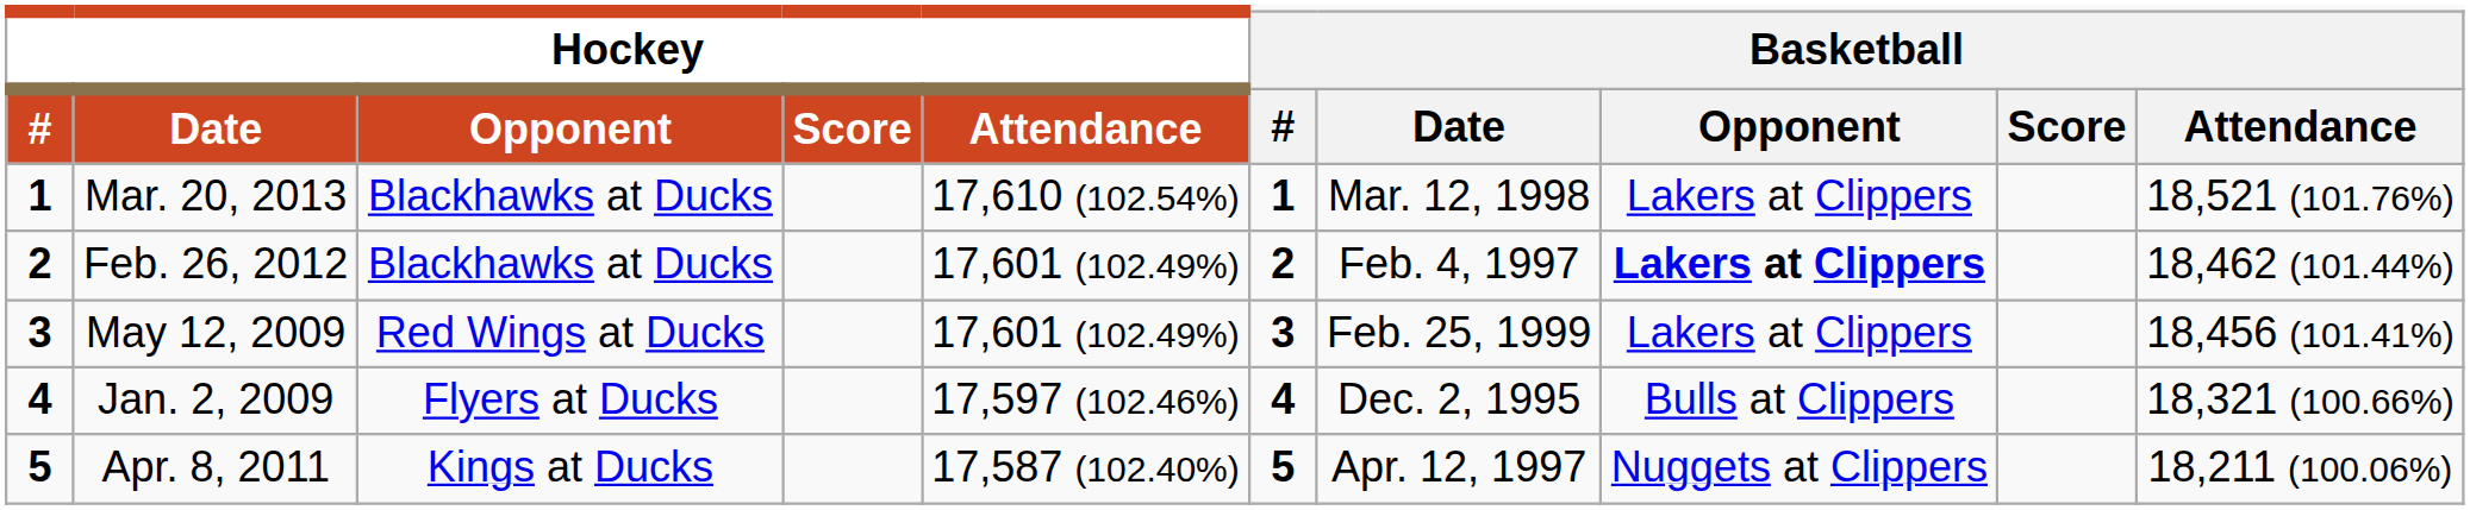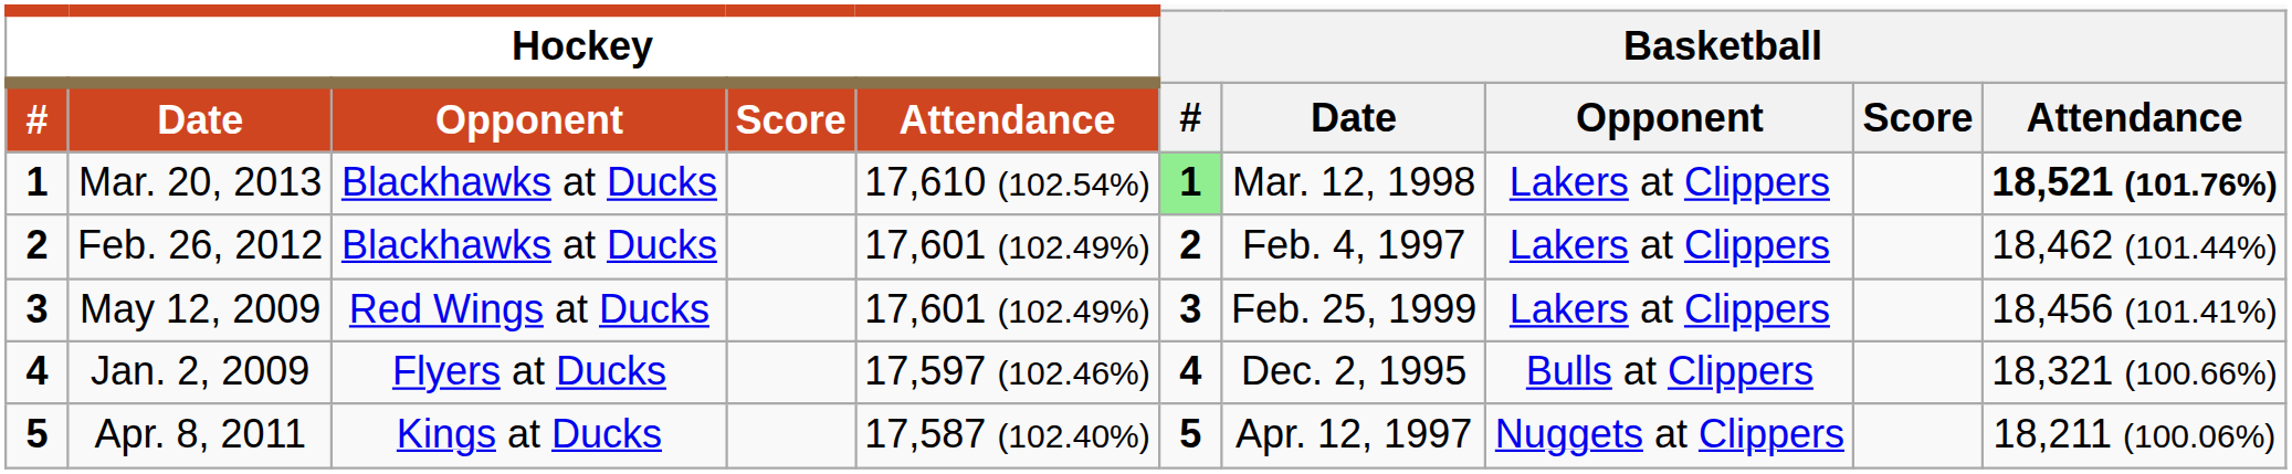 <table class="wikitable" style="text-align:center">
 <tr>
 <th colspan=5 style="background:#FFFFFF; border-top:#CF4520 5px solid; border-bottom:#89734C 5px solid;">Hockey</th>
 <th colspan=5>Basketball</th>
 </tr>
 <tr>
 <th style="background:#CF4520; color:#FFFFFF;">#</th>
 <th style="background:#CF4520; color:#FFFFFF;">Date</th>
 <th style="background:#CF4520; color:#FFFFFF;">Opponent</th>
 <th style="background:#CF4520; color:#FFFFFF;">Score</th>
 <th style="background:#CF4520; color:#FFFFFF;">Attendance</th>
 <th style="text-align:center; ">#</th>
 <th style="text-align:center; ">Date</th>
 <th style="text-align:center; ">Opponent</th>
 <th style="text-align:center; ">Score</th>
 <th style="text-align:center; ">Attendance</th>
 </tr>
 <tr>
 <td> <strong>1</strong> </td>
 <td>Mar. 20, 2013</td>
 <td><a href='#'>Blackhawks</a> at <a href='#'>Ducks</a></td>
 <td></td>
 <td>17,610 <small>(102.54%)</small></td>
-<td> <strong>1</strong> </td>
+<td style="background: lightgreen;"> <strong>1</strong> </td>
 <td>Mar. 12, 1998</td>
 <td><a href='#'>Lakers</a> at <a href='#'>Clippers</a></td>
 <td></td>
-<td>18,521 <small>(101.76%)</small></td>
+<td><strong>18,521 <small>(101.76%)</small></strong></td>
 </tr>
 <tr>
 <td> <strong>2</strong> </td>
 <td>Feb. 26, 2012</td>
 <td><a href='#'>Blackhawks</a> at <a href='#'>Ducks</a></td>
 <td></td>
 <td>17,601 <small>(102.49%)</small></td>
 <td> <strong>2</strong> </td>
 <td>Feb. 4, 1997</td>
-<td><strong><a href='#'>Lakers</a> at <a href='#'>Clippers</a></strong></td>
+<td><a href='#'>Lakers</a> at <a href='#'>Clippers</a></td>
 <td></td>
 <td>18,462 <small>(101.44%)</small></td>
 </tr>
 <tr>
 <td> <strong>3</strong> </td>
 <td>May 12, 2009</td>
 <td><a href='#'>Red Wings</a> at <a href='#'>Ducks</a></td>
 <td></td>
 <td>17,601 <small>(102.49%)</small></td>
 <td> <strong>3</strong> </td>
 <td>Feb. 25, 1999</td>
 <td><a href='#'>Lakers</a> at <a href='#'>Clippers</a></td>
 <td></td>
 <td>18,456 <small>(101.41%)</small></td>
 </tr>
 <tr>
 <td> <strong>4</strong> </td>
 <td>Jan. 2, 2009</td>
 <td><a href='#'>Flyers</a> at <a href='#'>Ducks</a></td>
 <td></td>
 <td>17,597 <small>(102.46%)</small></td>
 <td> <strong>4</strong> </td>
 <td>Dec. 2, 1995</td>
 <td><a href='#'>Bulls</a> at <a href='#'>Clippers</a></td>
 <td></td>
 <td>18,321 <small>(100.66%)</small></td>
 </tr>
 <tr>
 <td> <strong>5</strong> </td>
 <td>Apr. 8, 2011</td>
 <td><a href='#'>Kings</a> at <a href='#'>Ducks</a></td>
 <td></td>
 <td>17,587 <small>(102.40%)</small></td>
 <td> <strong>5</strong> </td>
 <td>Apr. 12, 1997</td>
 <td><a href='#'>Nuggets</a> at <a href='#'>Clippers</a></td>
 <td></td>
 <td>18,211 <small>(100.06%)</small></td>
 </tr>
 </table>
